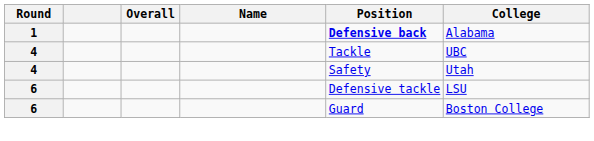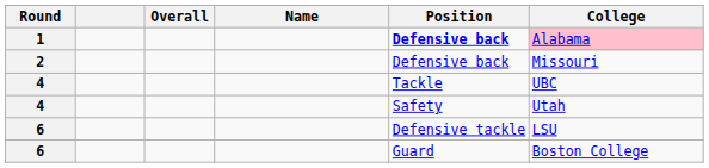 <table class="wikitable sortable">
 <tr>
 <th scope="col" style="width: 10%;">Round</th>
 <th scope="col" style="width: 10%;"></th>
 <th scope="col" style="width: 10%;">Overall</th>
 <th scope="col" style="width: 25%;">Name</th>
 <th scope="col" style="width: 20%;">Position</th>
 <th scope="col" style="width: 25%;">College</th>
 </tr>
 <tr>
 <th scope="row">1</th>
 <td></td>
 <td></td>
 <td></td>
 <td><strong><a href='#'>Defensive back</a></strong></td>
-<td><a href='#'>Alabama</a></td>
+<td style="background: pink;"><a href='#'>Alabama</a></td>
+</tr>
+<tr>
+<th scope="row">2</th>
+<td></td>
+<td></td>
+<td></td>
+<td><a href='#'>Defensive back</a></td>
+<td><a href='#'>Missouri</a></td>
 </tr>
 <tr>
 <th scope="row">4</th>
 <td></td>
 <td></td>
 <td></td>
 <td><a href='#'>Tackle</a></td>
 <td><a href='#'>UBC</a></td>
 </tr>
 <tr>
 <th scope="row">4</th>
 <td></td>
 <td></td>
 <td></td>
 <td><a href='#'>Safety</a></td>
 <td><a href='#'>Utah</a></td>
 </tr>
 <tr>
 <th scope="row">6</th>
 <td></td>
 <td></td>
 <td></td>
 <td><a href='#'>Defensive tackle</a></td>
 <td><a href='#'>LSU</a></td>
 </tr>
 <tr>
 <th scope="row">6</th>
 <td></td>
 <td></td>
 <td></td>
 <td><a href='#'>Guard</a></td>
 <td><a href='#'>Boston College</a></td>
 </tr>
 </table>
